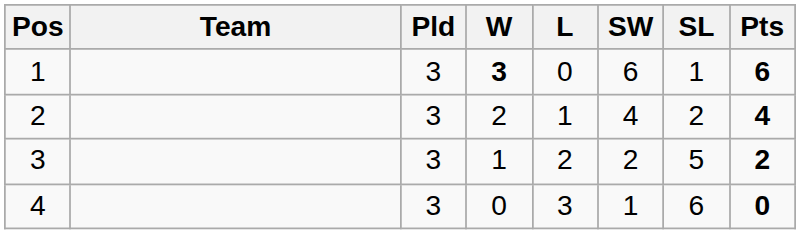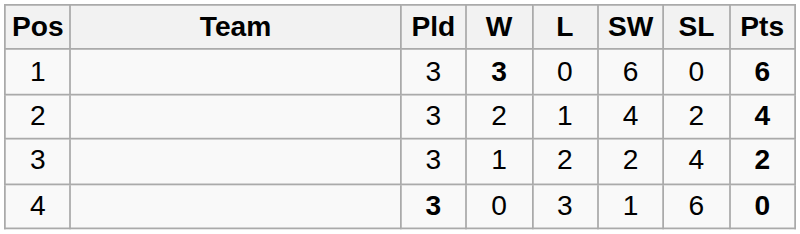 <table class="wikitable" style="text-align: center;">
 <tr>
 <th width="30">Pos</th>
 <th width="180">Team</th>
 <th width="30">Pld</th>
 <th width="30">W</th>
 <th width="30">L</th>
 <th width="30">SW</th>
 <th width="30">SL</th>
 <th width="30">Pts</th>
 </tr>
 <tr>
 <td>1</td>
 <td align="left"></td>
 <td>3</td>
 <td><strong>3</strong></td>
 <td>0</td>
 <td>6</td>
-<td>1</td>
+<td>0</td>
 <td><strong>6</strong></td>
 </tr>
 <tr>
 <td>2</td>
 <td align="left"></td>
 <td>3</td>
 <td>2</td>
 <td>1</td>
 <td>4</td>
 <td>2</td>
 <td><strong>4</strong></td>
 </tr>
 <tr>
 <td>3</td>
 <td align="left"></td>
 <td>3</td>
 <td>1</td>
 <td>2</td>
 <td>2</td>
-<td>5</td>
+<td>4</td>
 <td><strong>2</strong></td>
 </tr>
 <tr>
 <td>4</td>
 <td align="left"></td>
-<td>3</td>
+<td><strong>3</strong></td>
 <td>0</td>
 <td>3</td>
 <td>1</td>
 <td>6</td>
 <td><strong>0</strong></td>
 </tr>
 </table>
